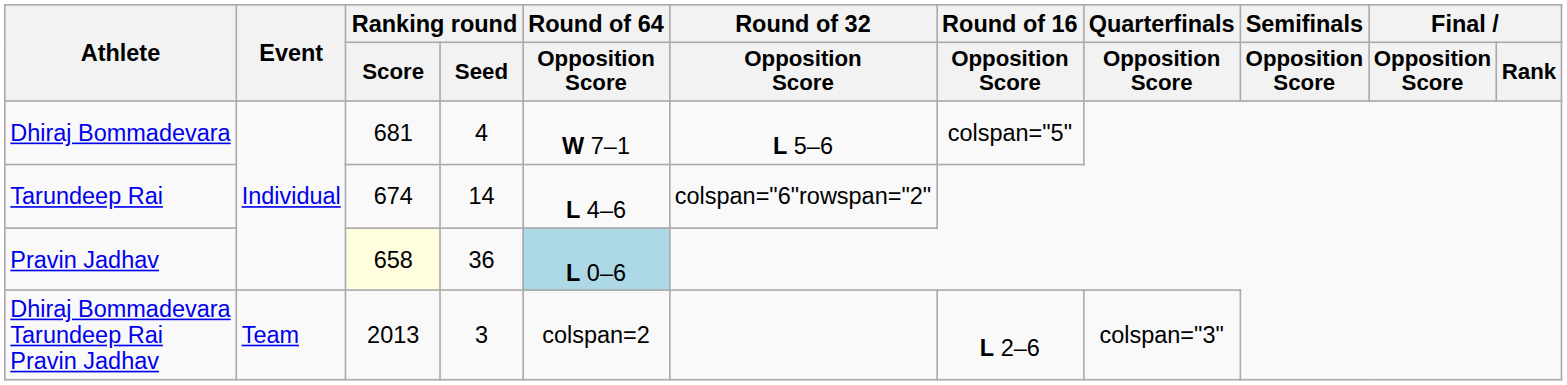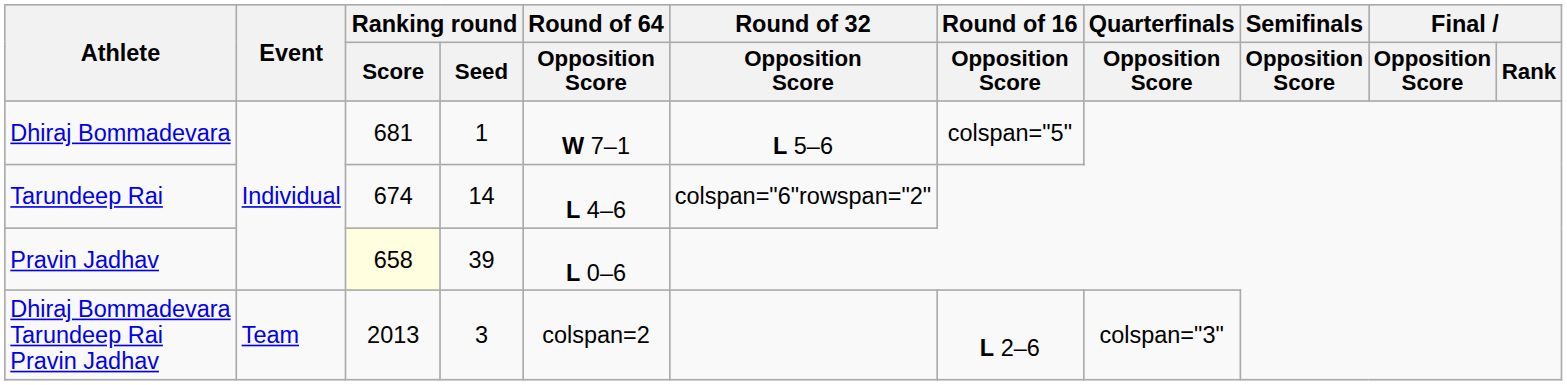 <table class="wikitable" style="font-size:90%; text-align:center">
 <tr>
 <th rowspan=2>Athlete</th>
 <th rowspan=2>Event</th>
 <th colspan="2">Ranking round</th>
 <th>Round of 64</th>
 <th>Round of 32</th>
 <th>Round of 16</th>
 <th>Quarterfinals</th>
 <th>Semifinals</th>
 <th colspan="2">Final / </th>
 </tr>
 <tr style="font-size:95%">
 <th>Score</th>
 <th>Seed</th>
 <th>Opposition<br>Score</th>
 <th>Opposition<br>Score</th>
 <th>Opposition<br>Score</th>
 <th>Opposition<br>Score</th>
 <th>Opposition<br>Score</th>
 <th>Opposition<br>Score</th>
 <th>Rank</th>
 </tr>
 <tr align=center>
 <td align=left><a href='#'>Dhiraj Bommadevara</a></td>
 <td align=left rowspan=3><a href='#'>Individual</a></td>
 <td>681</td>
-<td>4</td>
+<td>1</td>
 <td><br> <strong>W</strong> 7–1</td>
 <td><br> <strong>L</strong> 5–6</td>
 <td>colspan="5" </td>
 </tr>
 <tr align=center>
 <td align=left><a href='#'>Tarundeep Rai</a></td>
 <td>674</td>
 <td>14</td>
 <td><br><strong>L</strong> 4–6</td>
 <td>colspan="6"rowspan="2" </td>
 </tr>
 <tr align=center>
 <td align=left><a href='#'>Pravin Jadhav</a></td>
 <td style="background: lightyellow;">658</td>
-<td>36</td>
-<td style="background: lightblue;"><br> <strong>L</strong> 0–6</td>
+<td>39</td>
+<td><br> <strong>L</strong> 0–6</td>
 </tr>
 <tr align=center>
 <td align=left><a href='#'>Dhiraj Bommadevara</a><br><a href='#'>Tarundeep Rai</a><br><a href='#'>Pravin Jadhav</a></td>
 <td align=left><a href='#'>Team</a></td>
 <td>2013</td>
 <td>3</td>
 <td>colspan=2 </td>
 <td></td>
 <td><br> <strong>L</strong> 2–6</td>
 <td>colspan="3" </td>
 </tr>
 </table>
